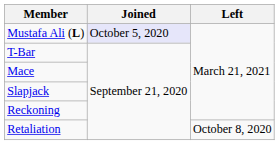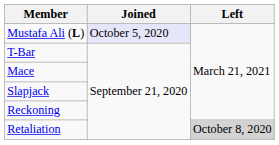 <table class="wikitable">
 <tr>
 <th>Member</th>
 <th>Joined</th>
 <th>Left</th>
 </tr>
 <tr>
 <td><a href='#'>Mustafa Ali</a> (<strong>L</strong>)</td>
 <td style="background: lavender;">October 5, 2020</td>
 <td rowspan="5">March 21, 2021</td>
 </tr>
 <tr>
 <td><a href='#'>T-Bar</a></td>
 <td rowspan="5">September 21, 2020</td>
 </tr>
 <tr>
 <td><a href='#'>Mace</a></td>
 </tr>
 <tr>
 <td><a href='#'>Slapjack</a></td>
 </tr>
 <tr>
 <td><a href='#'>Reckoning</a></td>
 </tr>
 <tr>
 <td><a href='#'>Retaliation</a></td>
-<td>October 8, 2020</td>
+<td style="background: lightgrey;">October 8, 2020</td>
 </tr>
 </table>
